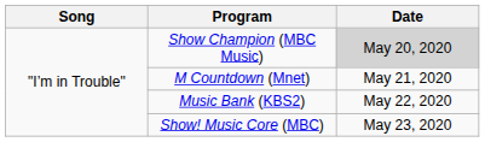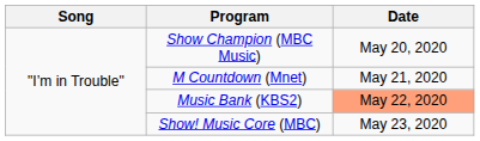 <table class="wikitable" style="text-align:center;">
 <tr>
 <th style="width:150px;">Song</th>
 <th style="width:200px;">Program</th>
 <th style="width:150px;">Date</th>
 </tr>
 <tr>
 <td rowspan=5>"I’m in Trouble"</td>
 <td><em><a href='#'>Show Champion</a></em> (<a href='#'>MBC Music</a>)</td>
-<td style="background: lightgrey;">May 20, 2020</td>
+<td>May 20, 2020</td>
 </tr>
 <tr>
 <td><em><a href='#'>M Countdown</a></em> (<a href='#'>Mnet</a>)</td>
 <td>May 21, 2020</td>
 </tr>
 <tr>
 <td><em><a href='#'>Music Bank</a></em> (<a href='#'>KBS2</a>)</td>
-<td>May 22, 2020</td>
+<td style="background: lightsalmon;">May 22, 2020</td>
 </tr>
 <tr>
 <td><em><a href='#'>Show! Music Core</a></em> (<a href='#'>MBC</a>)</td>
 <td>May 23, 2020</td>
 </tr>
 </table>
